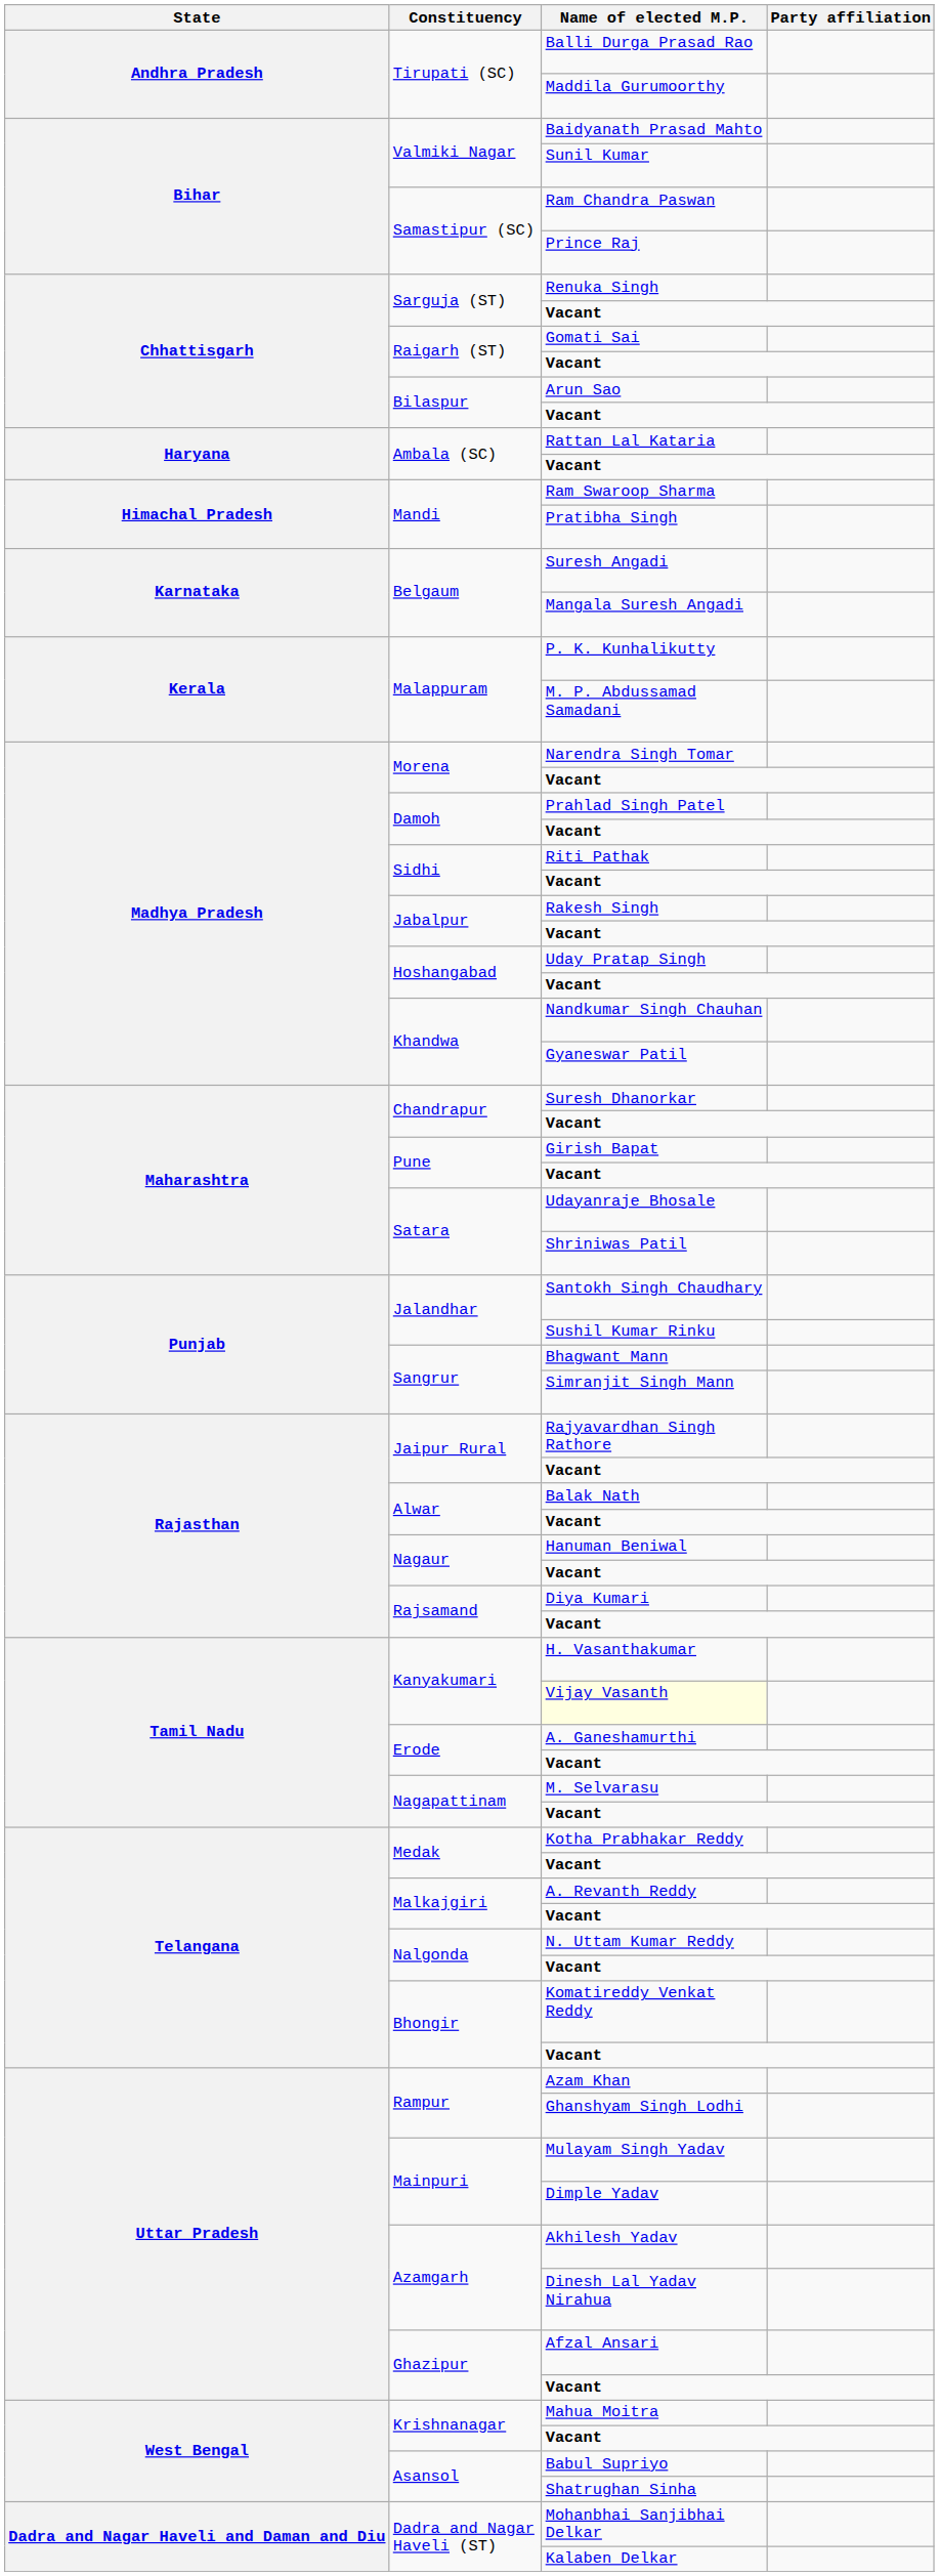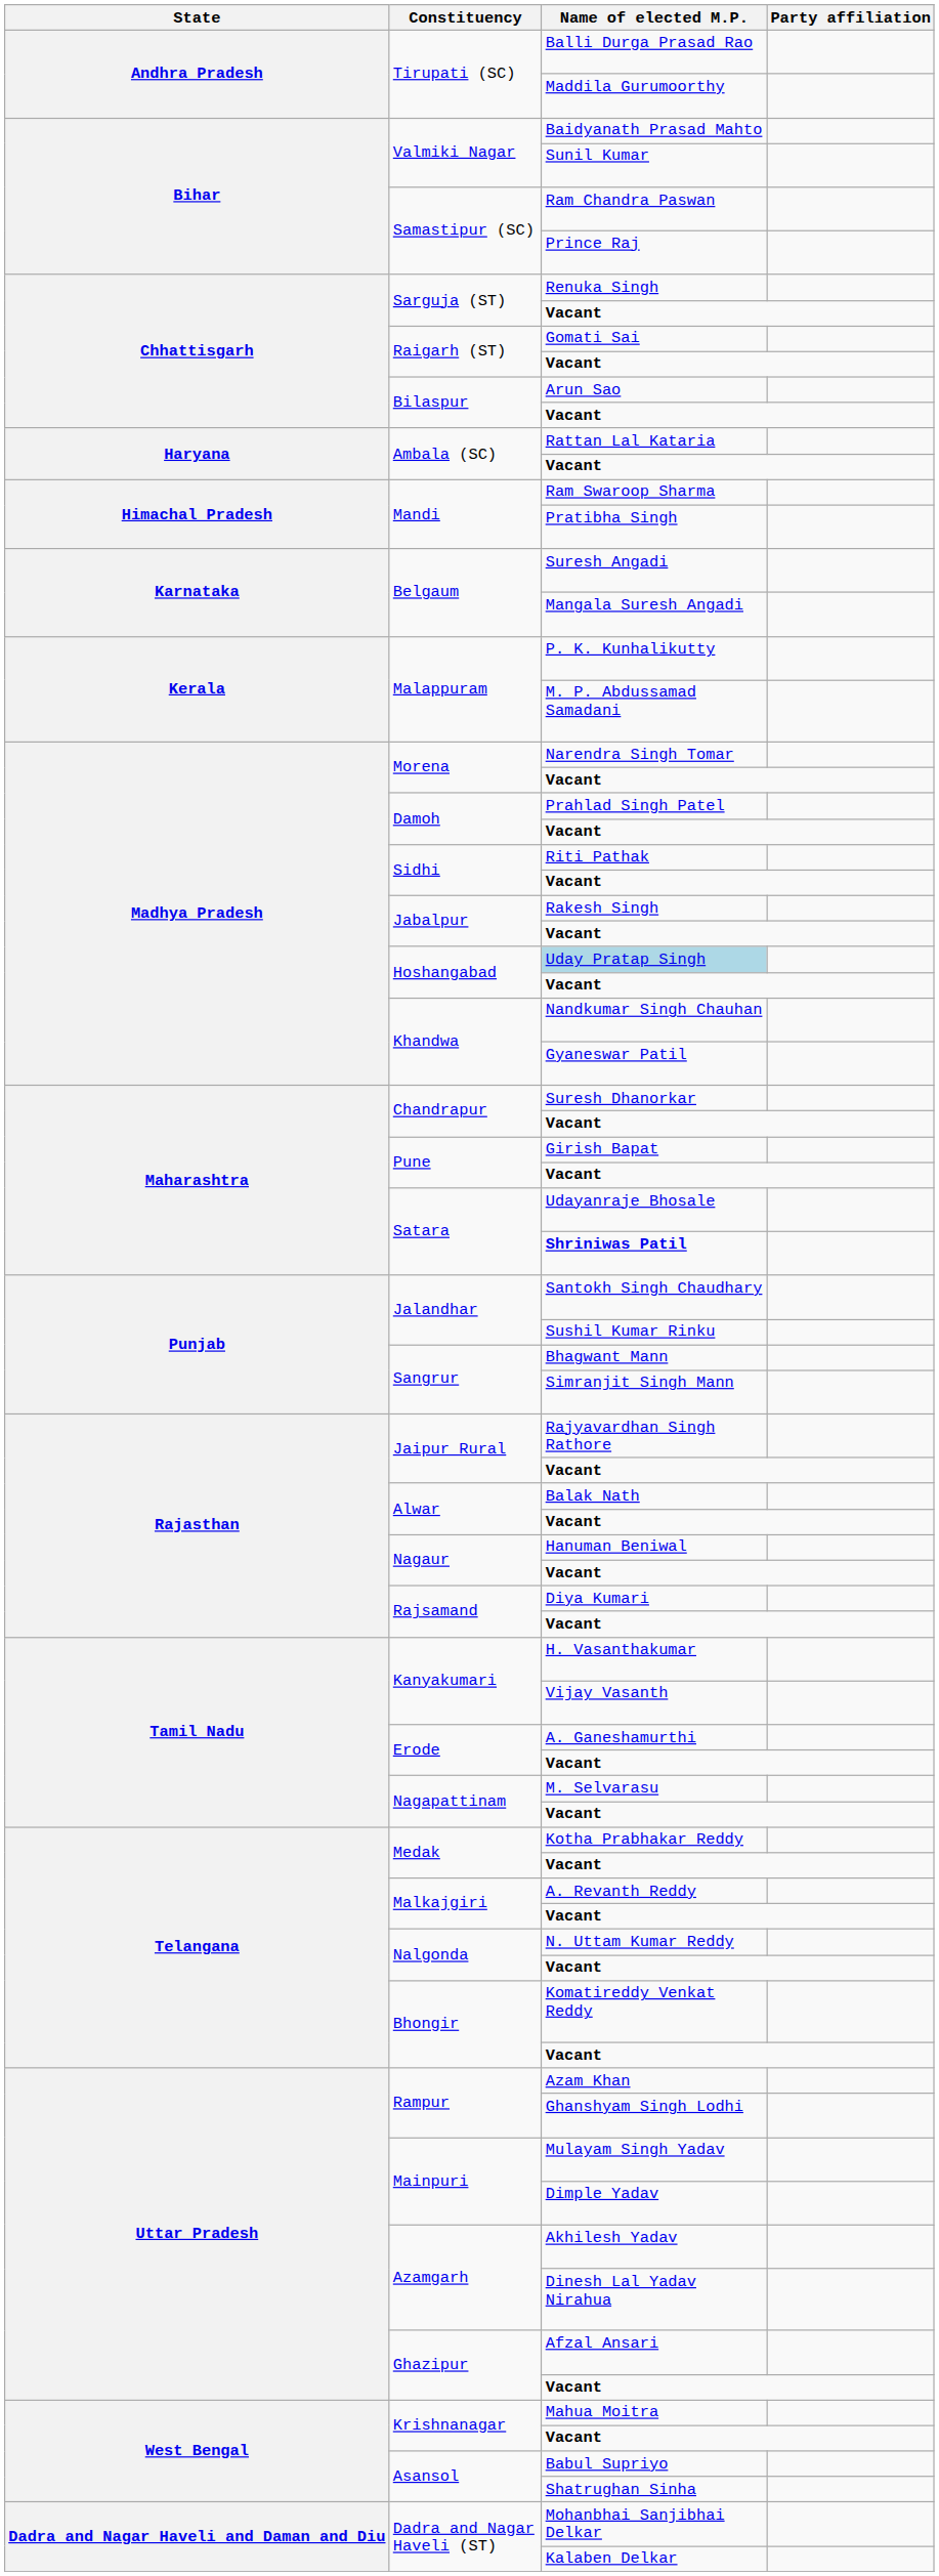 <table class="sortable wikitable">
 <tr>
 <th>State</th>
 <th style="width:120px">Constituency</th>
 <th style="width:180px">Name of elected M.P.</th>
 <th colspan="2">Party affiliation</th>
 </tr>
 <tr>
 <th rowspan=2><a href='#'>Andhra Pradesh</a></th>
 <td rowspan=2><a href='#'>Tirupati</a> (SC)</td>
 <td><a href='#'>Balli Durga Prasad Rao</a><br><br></td>
 <td></td>
 </tr>
 <tr>
 <td><a href='#'>Maddila Gurumoorthy</a><br><br></td>
 </tr>
 <tr>
 <th rowspan=4><a href='#'>Bihar</a></th>
 <td rowspan=2><a href='#'>Valmiki Nagar</a></td>
 <td><a href='#'>Baidyanath Prasad Mahto</a><br></td>
 <td></td>
 </tr>
 <tr>
 <td><a href='#'>Sunil Kumar</a><br><br></td>
 </tr>
 <tr>
 <td rowspan=2><a href='#'>Samastipur</a> (SC)</td>
 <td><a href='#'>Ram Chandra Paswan</a><br><br></td>
 <td></td>
 </tr>
 <tr>
 <td><a href='#'>Prince Raj</a><br><br></td>
 <td></td>
 </tr>
 <tr>
 <th rowspan=6><a href='#'>Chhattisgarh</a></th>
 <td rowspan="2"><a href='#'>Sarguja</a> (ST)</td>
 <td><a href='#'>Renuka Singh</a> <br></td>
 <td></td>
 </tr>
 <tr>
 <td colspan="3"><strong>Vacant</strong></td>
 </tr>
 <tr>
 <td rowspan="2"><a href='#'>Raigarh</a> (ST)</td>
 <td><a href='#'>Gomati Sai</a> <br></td>
 <td></td>
 </tr>
 <tr>
 <td colspan="3"><strong>Vacant</strong></td>
 </tr>
 <tr>
 <td rowspan="2"><a href='#'>Bilaspur</a></td>
 <td><a href='#'>Arun Sao</a> <br></td>
 <td></td>
 </tr>
 <tr>
 <td colspan="3"><strong>Vacant</strong></td>
 </tr>
 <tr>
 <th rowspan=2><a href='#'>Haryana</a></th>
 <td rowspan=2><a href='#'>Ambala</a> (SC)</td>
 <td><a href='#'>Rattan Lal Kataria</a> <br></td>
 <td></td>
 </tr>
 <tr>
 <td colspan=3><strong>Vacant</strong></td>
 </tr>
 <tr>
 <th rowspan=2><a href='#'>Himachal Pradesh</a></th>
 <td rowspan=2><a href='#'>Mandi</a></td>
 <td><a href='#'>Ram Swaroop Sharma</a><br></td>
 <td></td>
 </tr>
 <tr>
 <td><a href='#'>Pratibha Singh</a><br><br></td>
 <td></td>
 </tr>
 <tr>
 <th rowspan=2><a href='#'>Karnataka</a></th>
 <td rowspan="2"><a href='#'>Belgaum</a></td>
 <td><a href='#'>Suresh Angadi</a><br><br></td>
 <td></td>
 </tr>
 <tr>
 <td><a href='#'>Mangala Suresh Angadi</a><br><br></td>
 </tr>
 <tr>
 <th rowspan=2><a href='#'>Kerala</a></th>
 <td rowspan="2"><a href='#'>Malappuram</a></td>
 <td><a href='#'>P. K. Kunhalikutty</a><br><br></td>
 <td></td>
 </tr>
 <tr>
 <td><a href='#'>M. P. Abdussamad Samadani</a><br><br></td>
 </tr>
 <tr>
 <th rowspan=12><a href='#'>Madhya Pradesh</a></th>
 <td rowspan="2"><a href='#'>Morena</a></td>
 <td><a href='#'>Narendra Singh Tomar</a> <br></td>
 <td></td>
 </tr>
 <tr>
 <td colspan="3"><strong>Vacant</strong></td>
 </tr>
 <tr>
 <td rowspan="2"><a href='#'>Damoh</a></td>
 <td><a href='#'>Prahlad Singh Patel</a> <br></td>
 <td></td>
 </tr>
 <tr>
 <td colspan="3"><strong>Vacant</strong></td>
 </tr>
 <tr>
 <td rowspan="2"><a href='#'>Sidhi</a></td>
 <td><a href='#'>Riti Pathak</a> <br></td>
 <td></td>
 </tr>
 <tr>
 <td colspan="3"><strong>Vacant</strong></td>
 </tr>
 <tr>
 <td rowspan="2"><a href='#'>Jabalpur</a></td>
 <td><a href='#'>Rakesh Singh</a> <br></td>
 <td></td>
 </tr>
 <tr>
 <td colspan="3"><strong>Vacant</strong></td>
 </tr>
 <tr>
 <td rowspan="2"><a href='#'>Hoshangabad</a></td>
-<td><a href='#'>Uday Pratap Singh</a> <br></td>
+<td style="background: lightblue;"><a href='#'>Uday Pratap Singh</a> <br></td>
 <td></td>
 </tr>
 <tr>
 <td colspan="3"><strong>Vacant</strong></td>
 </tr>
 <tr>
 <td rowspan="2"><a href='#'>Khandwa</a></td>
 <td><a href='#'>Nandkumar Singh Chauhan</a><br><br></td>
 <td></td>
 </tr>
 <tr>
 <td><a href='#'>Gyaneswar Patil</a><br><br></td>
 </tr>
 <tr>
 <th rowspan=6><a href='#'>Maharashtra</a></th>
 <td rowspan="2"><a href='#'>Chandrapur</a></td>
 <td><a href='#'>Suresh Dhanorkar</a> <br></td>
 <td></td>
 </tr>
 <tr>
 <td colspan="3"><strong>Vacant</strong></td>
 </tr>
 <tr>
 <td rowspan="2"><a href='#'>Pune</a></td>
 <td><a href='#'>Girish Bapat</a> <br></td>
 <td></td>
 </tr>
 <tr>
 <td colspan="3"><strong>Vacant</strong></td>
 </tr>
 <tr>
 <td rowspan="2"><a href='#'>Satara</a></td>
 <td><a href='#'>Udayanraje Bhosale</a><br><br></td>
 <td></td>
 </tr>
 <tr>
-<td><a href='#'>Shriniwas Patil</a><br><br></td>
+<td><strong><a href='#'>Shriniwas Patil</a><br><br></strong></td>
 </tr>
 <tr>
 <th rowspan=4><a href='#'>Punjab</a></th>
 <td rowspan="2"><a href='#'>Jalandhar</a></td>
 <td><a href='#'>Santokh Singh Chaudhary</a><br><br></td>
 <td></td>
 </tr>
 <tr>
 <td><a href='#'>Sushil Kumar Rinku</a> <br></td>
 <td></td>
 </tr>
 <tr>
 <td rowspan="2"><a href='#'>Sangrur</a></td>
 <td><a href='#'>Bhagwant Mann</a><br></td>
 <td></td>
 </tr>
 <tr>
 <td><a href='#'>Simranjit Singh Mann</a><br><br></td>
 <td></td>
 </tr>
 <tr>
 <th rowspan=8><a href='#'>Rajasthan</a></th>
 <td rowspan="2"><a href='#'>Jaipur Rural</a></td>
 <td><a href='#'>Rajyavardhan Singh Rathore</a> <br></td>
 <td></td>
 </tr>
 <tr>
 <td colspan="3"><strong>Vacant</strong></td>
 </tr>
 <tr>
 <td rowspan="2"><a href='#'>Alwar</a></td>
 <td><a href='#'>Balak Nath</a> <br></td>
 <td></td>
 </tr>
 <tr>
 <td colspan="3"><strong>Vacant</strong></td>
 </tr>
 <tr>
 <td rowspan="2"><a href='#'>Nagaur</a></td>
 <td><a href='#'>Hanuman Beniwal</a> <br></td>
 <td></td>
 </tr>
 <tr>
 <td colspan="3"><strong>Vacant</strong></td>
 </tr>
 <tr>
 <td rowspan="2"><a href='#'>Rajsamand</a></td>
 <td><a href='#'>Diya Kumari</a> <br></td>
 <td></td>
 </tr>
 <tr>
 <td colspan="3"><strong>Vacant</strong></td>
 </tr>
 <tr>
 <th rowspan=6><a href='#'>Tamil Nadu</a></th>
 <td rowspan="2"><a href='#'>Kanyakumari</a></td>
 <td><a href='#'>H. Vasanthakumar</a><br><br></td>
 <td></td>
 </tr>
 <tr>
-<td style="background: lightyellow;"><a href='#'>Vijay Vasanth</a><br><br></td>
+<td><a href='#'>Vijay Vasanth</a><br><br></td>
 </tr>
 <tr>
 <td rowspan="2"><a href='#'>Erode</a></td>
 <td><a href='#'>A. Ganeshamurthi</a> <br></td>
 <td></td>
 </tr>
 <tr>
 <td colspan="3"><strong>Vacant</strong></td>
 </tr>
 <tr>
 <td rowspan="2"><a href='#'>Nagapattinam</a></td>
 <td><a href='#'>M. Selvarasu</a> <br></td>
 <td></td>
 </tr>
 <tr>
 <td colspan="3"><strong>Vacant</strong></td>
 </tr>
 <tr>
 <th rowspan=8><a href='#'>Telangana</a></th>
 <td rowspan="2"><a href='#'>Medak</a></td>
 <td><a href='#'>Kotha Prabhakar Reddy</a> <br></td>
 <td></td>
 </tr>
 <tr>
 <td colspan="3"><strong>Vacant</strong></td>
 </tr>
 <tr>
 <td rowspan="2"><a href='#'>Malkajgiri</a></td>
 <td><a href='#'>A. Revanth Reddy</a> <br></td>
 <td></td>
 </tr>
 <tr>
 <td colspan="3"><strong>Vacant</strong></td>
 </tr>
 <tr>
 <td rowspan="2"><a href='#'>Nalgonda</a></td>
 <td><a href='#'>N. Uttam Kumar Reddy</a> <br></td>
 <td></td>
 </tr>
 <tr>
 <td colspan="3"><strong>Vacant</strong></td>
 </tr>
 <tr>
 <td rowspan="2"><a href='#'>Bhongir</a></td>
 <td><a href='#'>Komatireddy Venkat Reddy</a><br><br></td>
 <td></td>
 </tr>
 <tr>
 <td colspan="3"><strong>Vacant</strong></td>
 </tr>
 <tr>
 <th rowspan=8><a href='#'>Uttar Pradesh</a></th>
 <td rowspan="2"><a href='#'>Rampur</a></td>
 <td><a href='#'>Azam Khan</a><br></td>
 <td></td>
 </tr>
 <tr>
 <td><a href='#'>Ghanshyam Singh Lodhi</a><br><br></td>
 <td></td>
 </tr>
 <tr>
 <td rowspan=2><a href='#'>Mainpuri</a></td>
 <td><a href='#'>Mulayam Singh Yadav</a><br><br></td>
 <td></td>
 </tr>
 <tr>
 <td><a href='#'>Dimple Yadav</a><br><br></td>
 </tr>
 <tr>
 <td rowspan="2"><a href='#'>Azamgarh</a></td>
 <td><a href='#'>Akhilesh Yadav</a><br><br></td>
 <td></td>
 </tr>
 <tr>
 <td><a href='#'>Dinesh Lal Yadav Nirahua</a><br><br></td>
 <td></td>
 </tr>
 <tr>
 <td rowspan="2"><a href='#'>Ghazipur</a></td>
 <td><a href='#'>Afzal Ansari</a><br><br></td>
 <td></td>
 </tr>
 <tr>
 <td colspan="3"><strong>Vacant</strong></td>
 </tr>
 <tr>
 <th rowspan=4><a href='#'>West Bengal</a></th>
 <td rowspan="2"><a href='#'>Krishnanagar</a></td>
 <td><a href='#'>Mahua Moitra</a> <br></td>
 <td></td>
 </tr>
 <tr>
 <td colspan="3"><strong>Vacant</strong></td>
 </tr>
 <tr>
 <td rowspan="2"><a href='#'>Asansol</a></td>
 <td><a href='#'>Babul Supriyo</a> <br></td>
 <td></td>
 </tr>
 <tr>
 <td><a href='#'>Shatrughan Sinha</a> <br> </td>
 <td></td>
 </tr>
 <tr>
 <th rowspan=2><a href='#'>Dadra and Nagar Haveli and Daman and Diu</a></th>
 <td rowspan="2"><a href='#'>Dadra and Nagar Haveli</a> (ST)</td>
 <td><a href='#'>Mohanbhai Sanjibhai Delkar</a> <br></td>
 <td></td>
 </tr>
 <tr>
 <td><a href='#'>Kalaben Delkar</a> <br></td>
 <td></td>
 </tr>
 <tr>
 </tr>
 </table>
